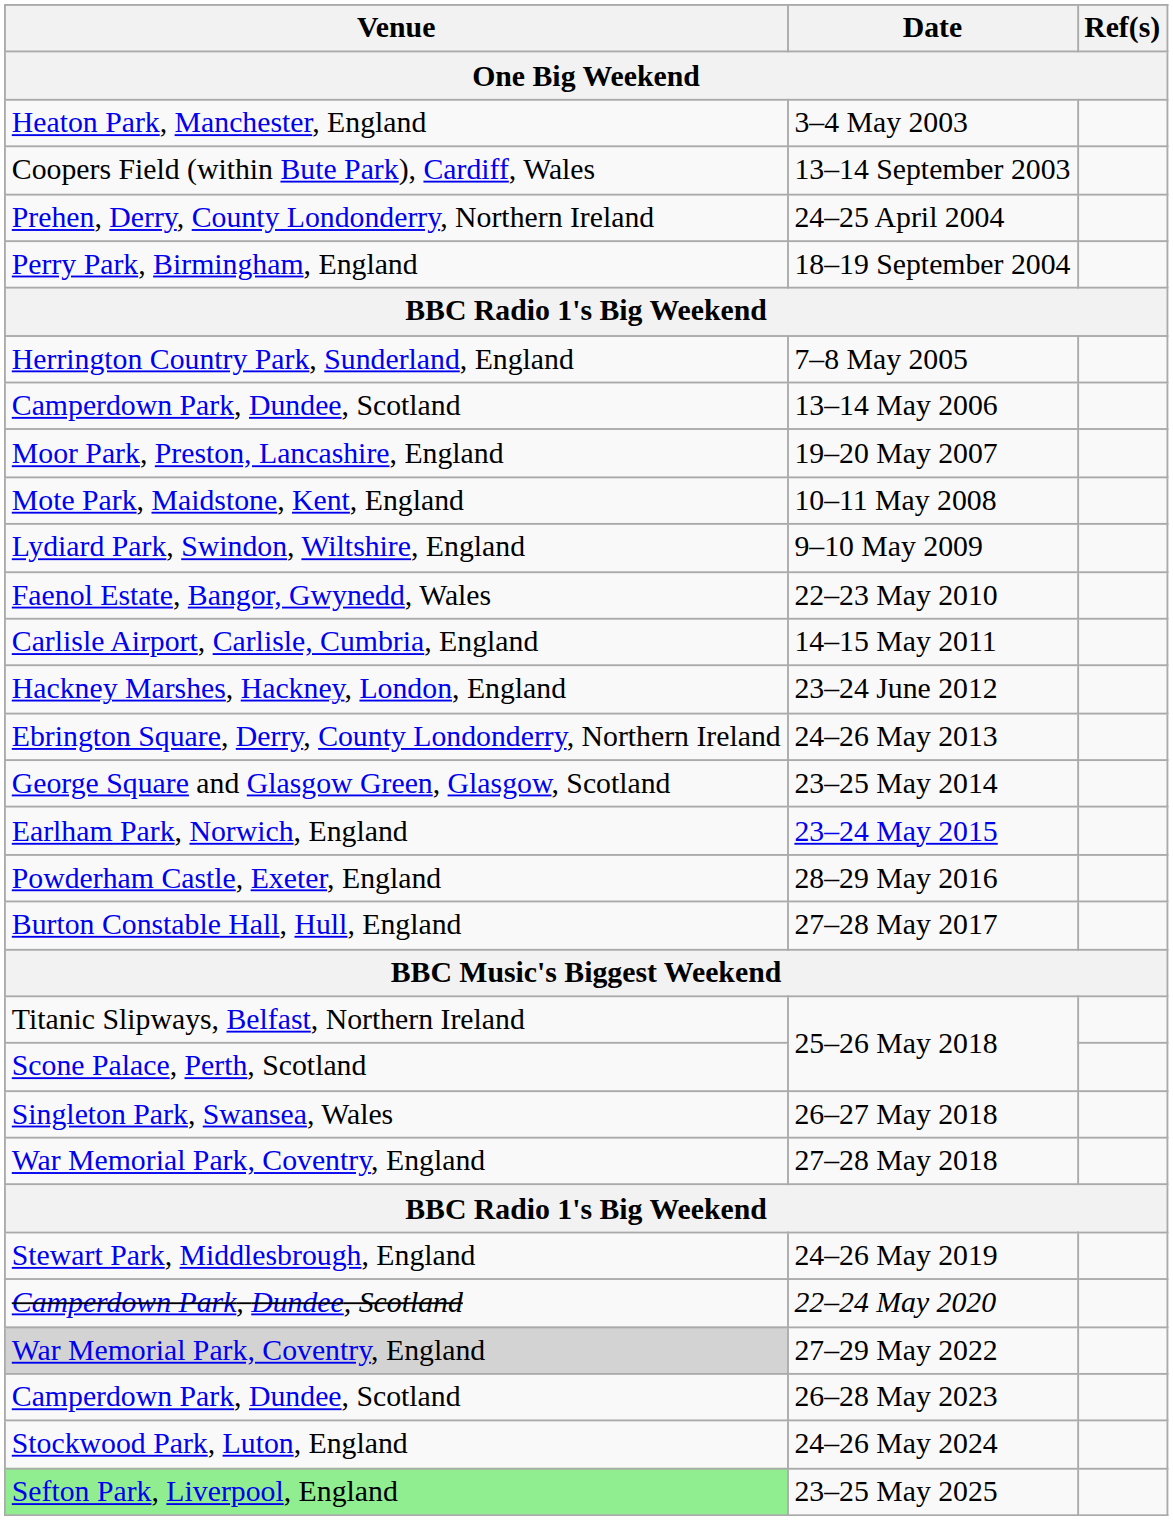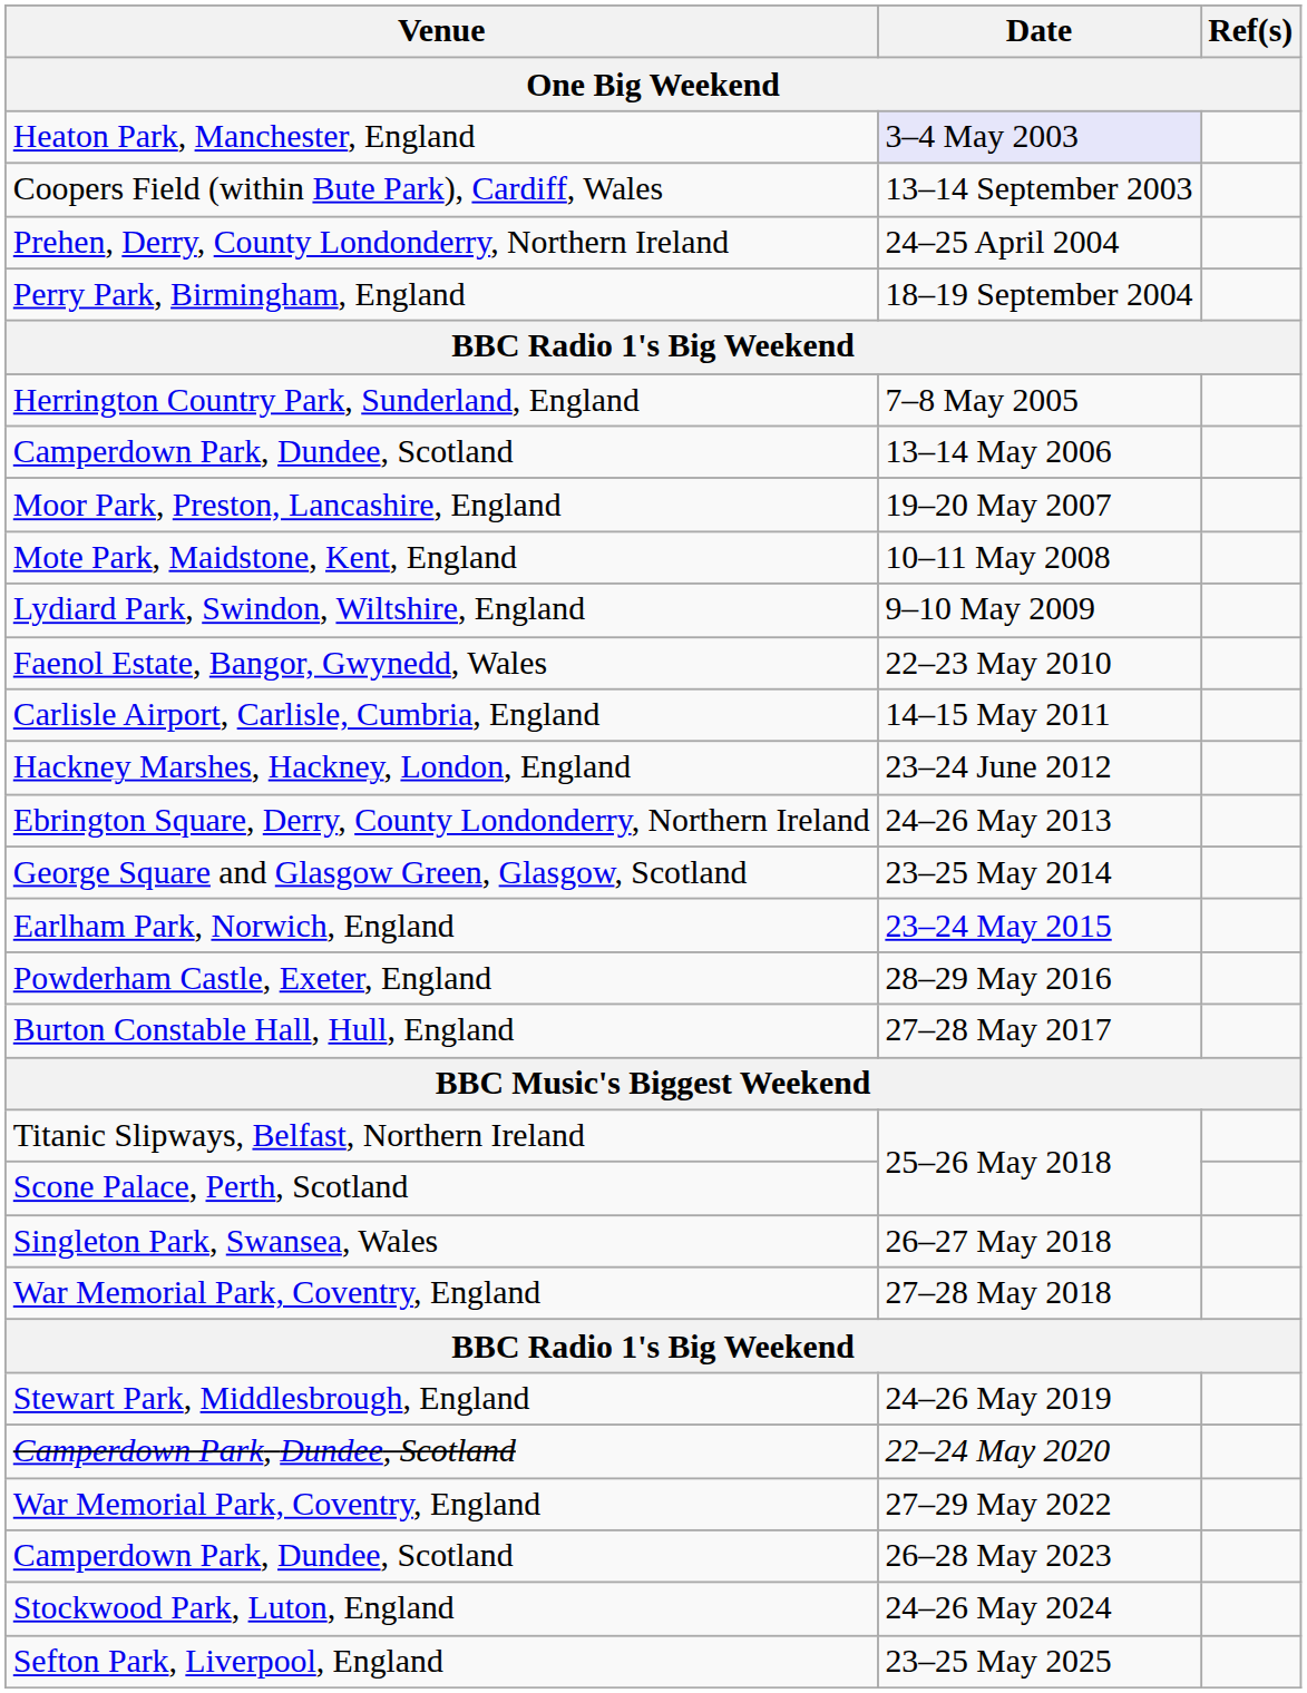 <table class="wikitable" style="text-align:left">
 <tr>
 <th>Venue</th>
 <th>Date</th>
 <th>Ref(s)</th>
 </tr>
 <tr>
 <th colspan="5"  style="text-align:center;">One Big Weekend</th>
 </tr>
 <tr>
 <td><a href='#'>Heaton Park</a>, <a href='#'>Manchester</a>, England</td>
-<td>3–4 May 2003</td>
+<td style="background: lavender;">3–4 May 2003</td>
 <td></td>
 </tr>
 <tr>
 <td>Coopers Field (within <a href='#'>Bute Park</a>), <a href='#'>Cardiff</a>, Wales</td>
 <td>13–14 September 2003</td>
 <td></td>
 </tr>
 <tr>
 <td><a href='#'>Prehen</a>, <a href='#'>Derry</a>, <a href='#'>County Londonderry</a>, Northern Ireland</td>
 <td>24–25 April 2004</td>
 <td></td>
 </tr>
 <tr>
 <td><a href='#'>Perry Park</a>, <a href='#'>Birmingham</a>, England</td>
 <td>18–19 September 2004</td>
 <td></td>
 </tr>
 <tr>
 <th colspan="5"  style="text-align:center;">BBC Radio 1's Big Weekend</th>
 </tr>
 <tr>
 <td><a href='#'>Herrington Country Park</a>, <a href='#'>Sunderland</a>, England</td>
 <td>7–8 May 2005</td>
 <td></td>
 </tr>
 <tr>
 <td><a href='#'>Camperdown Park</a>, <a href='#'>Dundee</a>, Scotland</td>
 <td>13–14 May 2006</td>
 <td></td>
 </tr>
 <tr>
 <td><a href='#'>Moor Park</a>, <a href='#'>Preston, Lancashire</a>, England</td>
 <td>19–20 May 2007</td>
 <td></td>
 </tr>
 <tr>
 <td><a href='#'>Mote Park</a>, <a href='#'>Maidstone</a>, <a href='#'>Kent</a>, England</td>
 <td>10–11 May 2008</td>
 <td></td>
 </tr>
 <tr>
 <td><a href='#'>Lydiard Park</a>, <a href='#'>Swindon</a>, <a href='#'>Wiltshire</a>, England</td>
 <td>9–10 May 2009</td>
 <td></td>
 </tr>
 <tr>
 <td><a href='#'>Faenol Estate</a>, <a href='#'>Bangor, Gwynedd</a>, Wales</td>
 <td>22–23 May 2010</td>
 <td></td>
 </tr>
 <tr>
 <td><a href='#'>Carlisle Airport</a>, <a href='#'>Carlisle, Cumbria</a>, England</td>
 <td>14–15 May 2011</td>
 <td></td>
 </tr>
 <tr>
 <td><a href='#'>Hackney Marshes</a>, <a href='#'>Hackney</a>, <a href='#'>London</a>, England</td>
 <td>23–24 June 2012</td>
 <td></td>
 </tr>
 <tr>
 <td><a href='#'>Ebrington Square</a>, <a href='#'>Derry</a>, <a href='#'>County Londonderry</a>, Northern Ireland</td>
 <td>24–26 May 2013</td>
 <td></td>
 </tr>
 <tr>
 <td><a href='#'>George Square</a> and <a href='#'>Glasgow Green</a>, <a href='#'>Glasgow</a>, Scotland</td>
 <td>23–25 May 2014</td>
 <td></td>
 </tr>
 <tr>
 <td><a href='#'>Earlham Park</a>, <a href='#'>Norwich</a>, England</td>
 <td><a href='#'>23–24 May 2015</a></td>
 <td><br></td>
 </tr>
 <tr>
 <td><a href='#'>Powderham Castle</a>, <a href='#'>Exeter</a>, England</td>
 <td>28–29 May 2016</td>
 <td></td>
 </tr>
 <tr>
 <td><a href='#'>Burton Constable Hall</a>, <a href='#'>Hull</a>, England</td>
 <td>27–28 May 2017</td>
 <td></td>
 </tr>
 <tr>
 <th colspan="5"  style="text-align:center;">BBC Music's Biggest Weekend</th>
 </tr>
 <tr>
 <td>Titanic Slipways, <a href='#'>Belfast</a>, Northern Ireland</td>
 <td rowspan="2">25–26 May 2018</td>
 <td></td>
 </tr>
 <tr>
 <td><a href='#'>Scone Palace</a>, <a href='#'>Perth</a>, Scotland</td>
 <td></td>
 </tr>
 <tr>
 <td><a href='#'>Singleton Park</a>, <a href='#'>Swansea</a>, Wales</td>
 <td>26–27 May 2018</td>
 <td></td>
 </tr>
 <tr>
 <td><a href='#'>War Memorial Park, Coventry</a>, England</td>
 <td>27–28 May 2018</td>
 <td></td>
 </tr>
 <tr>
 <th colspan="5"  style="text-align:center;">BBC Radio 1's Big Weekend</th>
 </tr>
 <tr>
 <td><a href='#'>Stewart Park</a>, <a href='#'>Middlesbrough</a>, England</td>
 <td>24–26 May 2019</td>
 <td></td>
 </tr>
 <tr>
 <td><em><s><a href='#'>Camperdown Park</a>, <a href='#'>Dundee</a>, Scotland</s></em></td>
 <td><em>22–24 May 2020</em></td>
 <td></td>
 </tr>
 <tr>
-<td style="background: lightgrey;"><a href='#'>War Memorial Park, Coventry</a>, England</td>
+<td><a href='#'>War Memorial Park, Coventry</a>, England</td>
 <td>27–29 May 2022</td>
 <td></td>
 </tr>
 <tr>
 <td><a href='#'>Camperdown Park</a>, <a href='#'>Dundee</a>, Scotland</td>
 <td>26–28 May 2023</td>
 <td></td>
 </tr>
 <tr>
 <td><a href='#'>Stockwood Park</a>, <a href='#'>Luton</a>, England</td>
 <td>24–26 May 2024</td>
 <td></td>
 </tr>
 <tr>
-<td style="background: lightgreen;"><a href='#'>Sefton Park</a>, <a href='#'>Liverpool</a>, England</td>
+<td><a href='#'>Sefton Park</a>, <a href='#'>Liverpool</a>, England</td>
 <td>23–25 May 2025</td>
 <td></td>
 </tr>
 </table>
